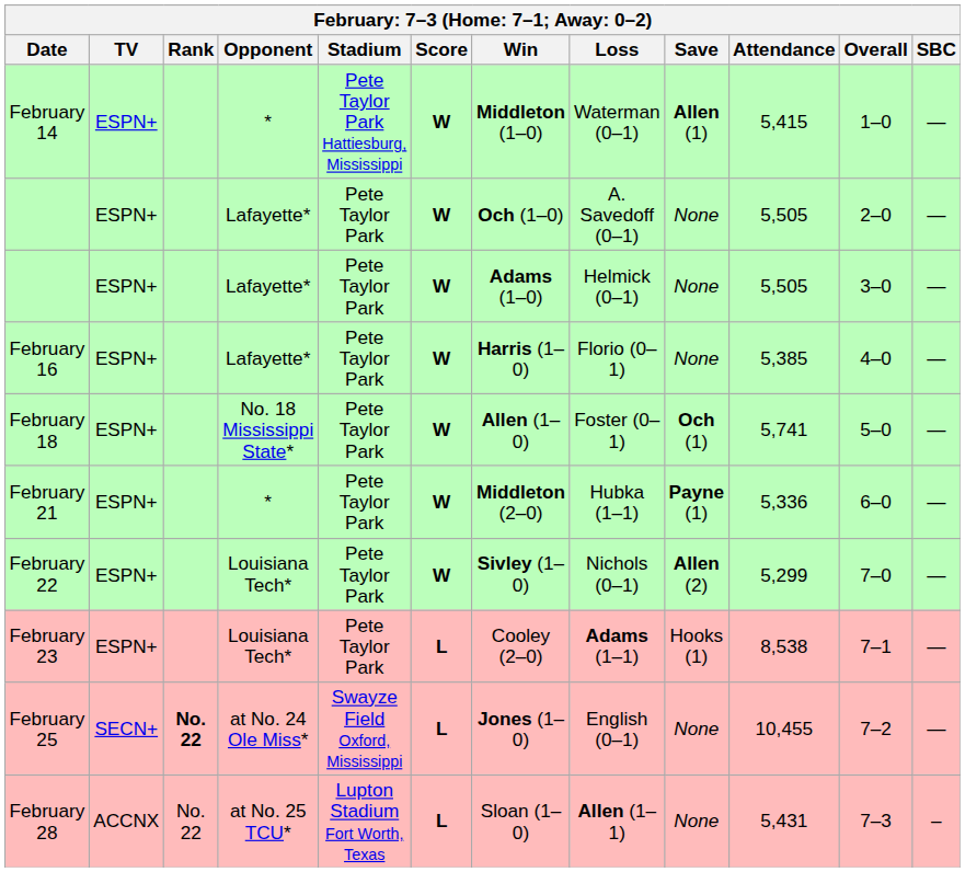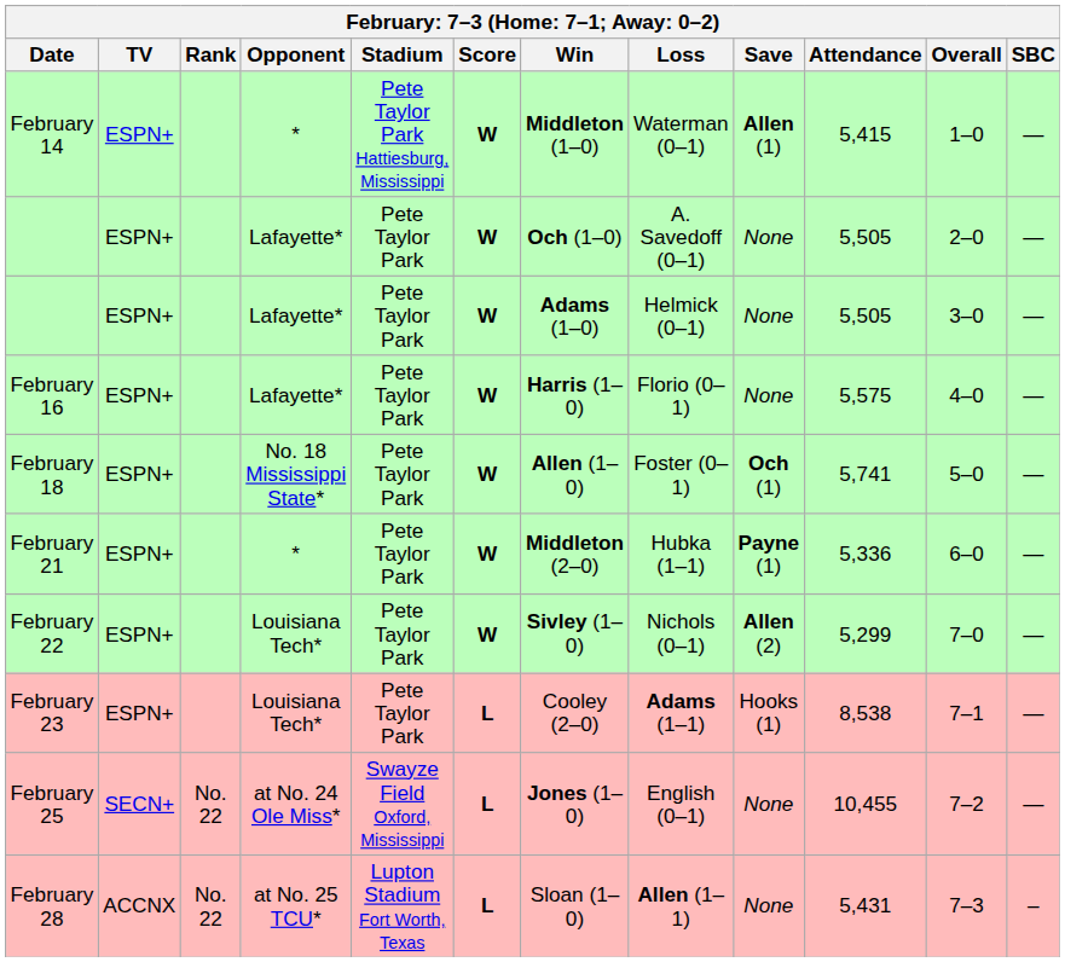 <table class="wikitable collapsible collapsed" style="margin:auto; width:100%; text-align:center; font-size:95%">
 <tr>
 <th colspan=12>February: 7–3 (Home: 7–1; Away: 0–2)</th>
 </tr>
 <tr>
 <th>Date</th>
 <th>TV</th>
 <th>Rank</th>
 <th>Opponent</th>
 <th>Stadium</th>
 <th>Score</th>
 <th>Win</th>
 <th>Loss</th>
 <th>Save</th>
 <th>Attendance</th>
 <th>Overall</th>
 <th>SBC</th>
 </tr>
 <tr style="background:#bfb;">
 <td>February 14</td>
 <td><a href='#'>ESPN+</a></td>
 <td></td>
 <td>*</td>
 <td><a href='#'>Pete Taylor Park</a><br><small><a href='#'>Hattiesburg, Mississippi</a></small></td>
 <td><strong>W</strong> </td>
 <td><strong>Middleton</strong> (1–0)</td>
 <td>Waterman (0–1)</td>
 <td><strong>Allen</strong> (1)</td>
 <td>5,415</td>
 <td>1–0</td>
 <td>—</td>
 </tr>
 <tr style="background:#bfb;">
 <td></td>
 <td>ESPN+</td>
 <td></td>
 <td>Lafayette*</td>
 <td>Pete Taylor Park</td>
 <td><strong>W</strong> </td>
 <td><strong>Och</strong> (1–0)</td>
 <td>A. Savedoff (0–1)</td>
 <td><em>None</em></td>
 <td>5,505</td>
 <td>2–0</td>
 <td>—</td>
 </tr>
 <tr style="background:#bfb;">
 <td></td>
 <td>ESPN+</td>
 <td></td>
 <td>Lafayette*</td>
 <td>Pete Taylor Park</td>
 <td><strong>W</strong> </td>
 <td><strong>Adams</strong> (1–0)</td>
 <td>Helmick (0–1)</td>
 <td><em>None</em></td>
 <td>5,505</td>
 <td>3–0</td>
 <td>—</td>
 </tr>
 <tr style="background:#bfb;">
 <td>February 16</td>
 <td>ESPN+</td>
 <td></td>
 <td>Lafayette*</td>
 <td>Pete Taylor Park</td>
 <td><strong>W</strong> </td>
 <td><strong>Harris</strong> (1–0)</td>
 <td>Florio (0–1)</td>
 <td><em>None</em></td>
-<td>5,385</td>
+<td>5,575</td>
 <td>4–0</td>
 <td>—</td>
 </tr>
 <tr style="background:#bfb;">
 <td>February 18</td>
 <td>ESPN+</td>
 <td></td>
 <td>No. 18 <a href='#'>Mississippi State</a>*</td>
 <td>Pete Taylor Park</td>
 <td><strong>W</strong> </td>
 <td><strong>Allen</strong> (1–0)</td>
 <td>Foster (0–1)</td>
 <td><strong>Och</strong> (1)</td>
 <td>5,741</td>
 <td>5–0</td>
 <td>—</td>
 </tr>
 <tr style="background:#bfb;">
 <td>February 21</td>
 <td>ESPN+</td>
 <td></td>
 <td>*</td>
 <td>Pete Taylor Park</td>
 <td><strong>W</strong> </td>
 <td><strong>Middleton</strong> (2–0)</td>
 <td>Hubka (1–1)</td>
 <td><strong>Payne</strong> (1)</td>
 <td>5,336</td>
 <td>6–0</td>
 <td>—</td>
 </tr>
 <tr style="background:#bfb;">
 <td>February 22</td>
 <td>ESPN+</td>
 <td></td>
 <td>Louisiana Tech*</td>
 <td>Pete Taylor Park</td>
 <td><strong>W</strong> </td>
 <td><strong>Sivley</strong> (1–0)</td>
 <td>Nichols (0–1)</td>
 <td><strong>Allen</strong> (2)</td>
 <td>5,299</td>
 <td>7–0</td>
 <td>—</td>
 </tr>
 <tr style="background:#fbb;">
 <td>February 23</td>
 <td>ESPN+</td>
 <td></td>
 <td>Louisiana Tech*</td>
 <td>Pete Taylor Park</td>
 <td><strong>L</strong> </td>
 <td>Cooley (2–0)</td>
 <td><strong>Adams</strong> (1–1)</td>
 <td>Hooks (1)</td>
 <td>8,538</td>
 <td>7–1</td>
 <td>—</td>
 </tr>
 <tr style="background:#fbb;">
 <td>February 25</td>
 <td><a href='#'>SECN+</a></td>
-<td><strong>No. 22</strong></td>
+<td>No. 22</td>
 <td>at No. 24 <a href='#'>Ole Miss</a>*</td>
 <td><a href='#'>Swayze Field</a><br><small><a href='#'>Oxford, Mississippi</a></small></td>
 <td><strong>L</strong> </td>
 <td><strong>Jones</strong> (1–0)</td>
 <td>English (0–1)</td>
 <td><em>None</em></td>
 <td>10,455</td>
 <td>7–2</td>
 <td>—</td>
 </tr>
 <tr style="background:#fbb;">
 <td>February 28</td>
 <td>ACCNX</td>
 <td>No. 22</td>
 <td>at No. 25 <a href='#'>TCU</a>*</td>
 <td><a href='#'>Lupton Stadium</a><br><small><a href='#'>Fort Worth, Texas</a></small></td>
 <td><strong>L</strong> </td>
 <td>Sloan (1–0)</td>
 <td><strong>Allen</strong> (1–1)</td>
 <td><em>None</em></td>
 <td>5,431</td>
 <td>7–3</td>
 <td>–</td>
 </tr>
 </table>
